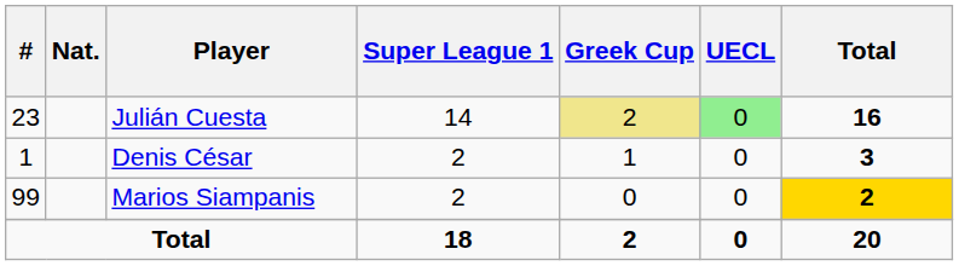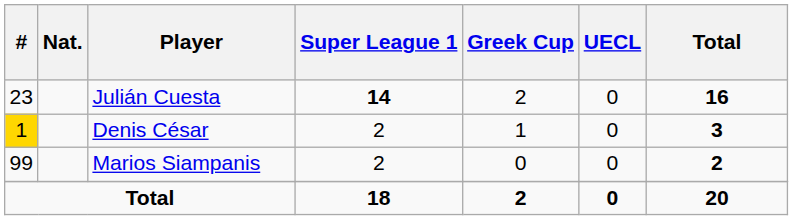 <table class="wikitable sortable alternance" ; style="text-align:center; ">
 <tr>
 <th height=50>#</th>
 <th width=10>Nat.</th>
 <th width=150>Player</th>
 <th height=50><a href='#'>Super League 1</a></th>
 <th height=50><a href='#'>Greek Cup</a></th>
 <th height=50><a href='#'>UECL</a></th>
 <th width=100>Total</th>
 </tr>
 <tr>
 <td>23</td>
 <td></td>
 <td align="left"><a href='#'>Julián Cuesta</a></td>
-<td>14</td>
-<td style="background: khaki;">2</td>
-<td style="background: lightgreen;">0</td>
+<td><strong>14</strong></td>
+<td>2</td>
+<td>0</td>
 <td><strong>16</strong></td>
 </tr>
 <tr>
-<td>1</td>
+<td style="background: gold;">1</td>
 <td></td>
 <td align="left"><a href='#'>Denis César</a></td>
 <td>2</td>
 <td>1</td>
 <td>0</td>
 <td><strong>3</strong></td>
 </tr>
 <tr>
 <td>99</td>
 <td></td>
 <td align="left"><a href='#'>Marios Siampanis</a></td>
 <td>2</td>
 <td>0</td>
 <td>0</td>
-<td style="background: gold;"><strong>2</strong></td>
+<td><strong>2</strong></td>
 </tr>
 <tr>
 </tr>
 <tr class="sortbottom">
 <td colspan="3"><strong>Total</strong></td>
 <td><strong>18</strong></td>
 <td><strong>2</strong></td>
 <td><strong>0</strong></td>
 <td><strong>20</strong></td>
 </tr>
 </table>
